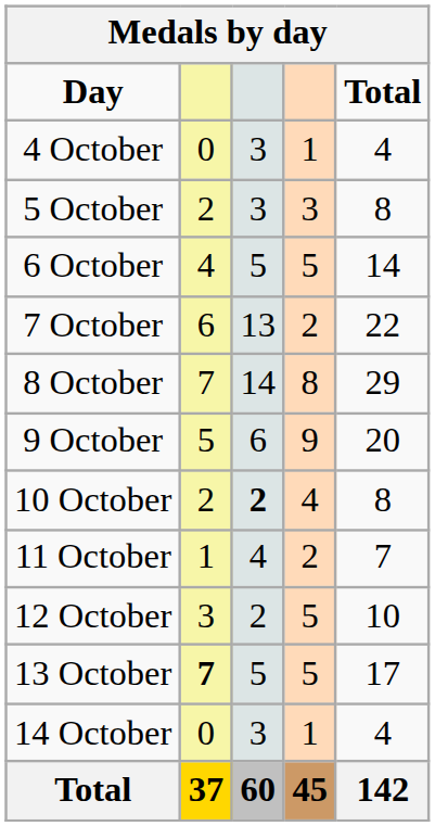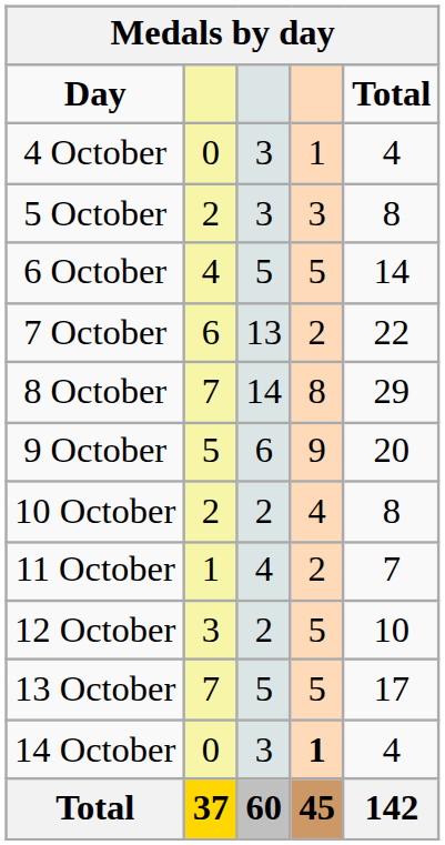 <table class="wikitable" style="font-size:85%; float:right">
 <tr align=center>
 <th colspan=5><strong>Medals by day</strong></th>
 </tr>
 <tr align=center>
 <td><strong>Day</strong></td>
 <td bgcolor=#f7f6a8></td>
 <td bgcolor=#dce5e5></td>
 <td bgcolor=#ffdab9></td>
 <td><strong>Total</strong></td>
 </tr>
 <tr align="center">
 <td>4 October</td>
 <td bgcolor="#f7f6a8">0</td>
 <td bgcolor="#dce5e5">3</td>
 <td bgcolor="#ffdab9">1</td>
 <td>4</td>
 </tr>
 <tr align="center">
 <td>5 October</td>
 <td bgcolor="#f7f6a8">2</td>
 <td bgcolor="#dce5e5">3</td>
 <td bgcolor="#ffdab9">3</td>
 <td>8</td>
 </tr>
 <tr align="center">
 <td>6 October</td>
 <td bgcolor="#f7f6a8">4</td>
 <td bgcolor="#dce5e5">5</td>
 <td bgcolor="#ffdab9">5</td>
 <td>14</td>
 </tr>
 <tr align="center">
 <td>7 October</td>
 <td bgcolor="#f7f6a8">6</td>
 <td bgcolor="#dce5e5">13</td>
 <td bgcolor="#ffdab9">2</td>
 <td>22</td>
 </tr>
 <tr align="center">
 <td>8 October</td>
 <td bgcolor="#f7f6a8">7</td>
 <td bgcolor="#dce5e5">14</td>
 <td bgcolor="#ffdab9">8</td>
 <td>29</td>
 </tr>
 <tr align="center">
 <td>9 October</td>
 <td bgcolor="#f7f6a8">5</td>
 <td bgcolor="#dce5e5">6</td>
 <td bgcolor="#ffdab9">9</td>
 <td>20</td>
 </tr>
 <tr align="center">
 <td>10 October</td>
 <td bgcolor="#f7f6a8">2</td>
-<td bgcolor="#dce5e5"><strong>2</strong></td>
+<td bgcolor="#dce5e5">2</td>
 <td bgcolor="#ffdab9">4</td>
 <td>8</td>
 </tr>
 <tr align="center">
 <td>11 October</td>
 <td bgcolor="#f7f6a8">1</td>
 <td bgcolor="#dce5e5">4</td>
 <td bgcolor="#ffdab9">2</td>
 <td>7</td>
 </tr>
 <tr align="center">
 <td>12 October</td>
 <td bgcolor="#f7f6a8">3</td>
 <td bgcolor="#dce5e5">2</td>
 <td bgcolor="#ffdab9">5</td>
 <td>10</td>
 </tr>
 <tr align="center">
 <td>13 October</td>
-<td bgcolor="#f7f6a8"><strong>7</strong></td>
+<td bgcolor="#f7f6a8">7</td>
 <td bgcolor="#dce5e5">5</td>
 <td bgcolor="#ffdab9">5</td>
 <td>17</td>
 </tr>
 <tr align="center">
 <td>14 October</td>
 <td bgcolor="#f7f6a8">0</td>
 <td bgcolor="#dce5e5">3</td>
-<td bgcolor="#ffdab9">1</td>
+<td bgcolor="#ffdab9"><strong>1</strong></td>
 <td>4</td>
 </tr>
 <tr align=center>
 <th bgcolor=#efefef><strong>Total</strong></th>
 <th style="background:gold;">37</th>
 <th style="background:silver;">60</th>
 <th style="background:#c96;">45</th>
 <th>142</th>
 </tr>
 </table>
